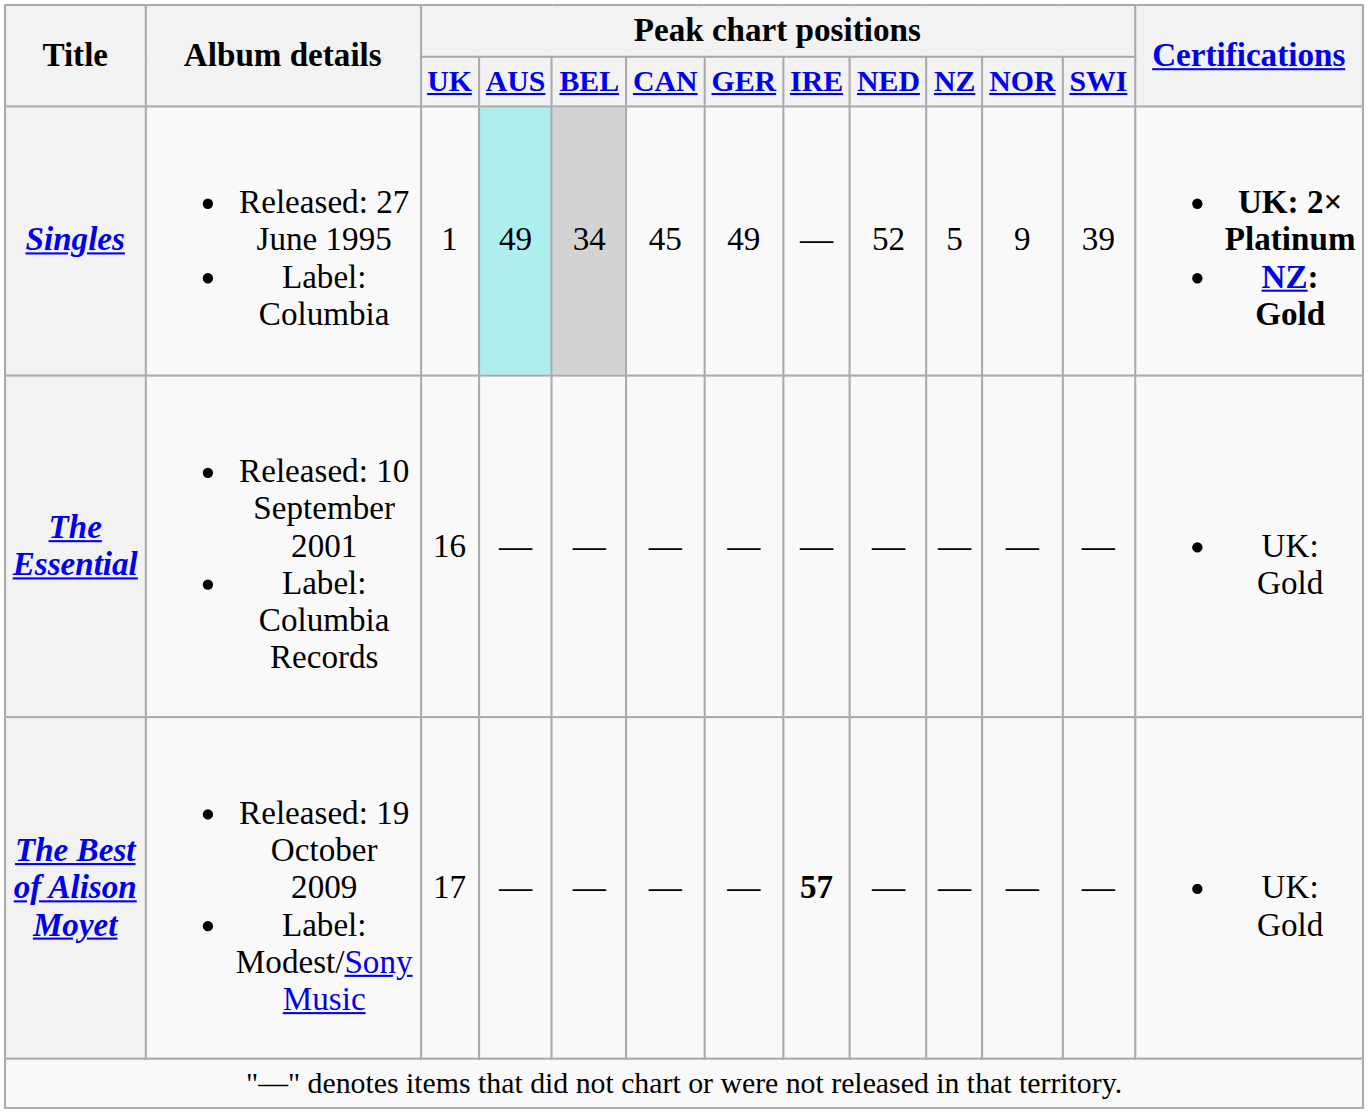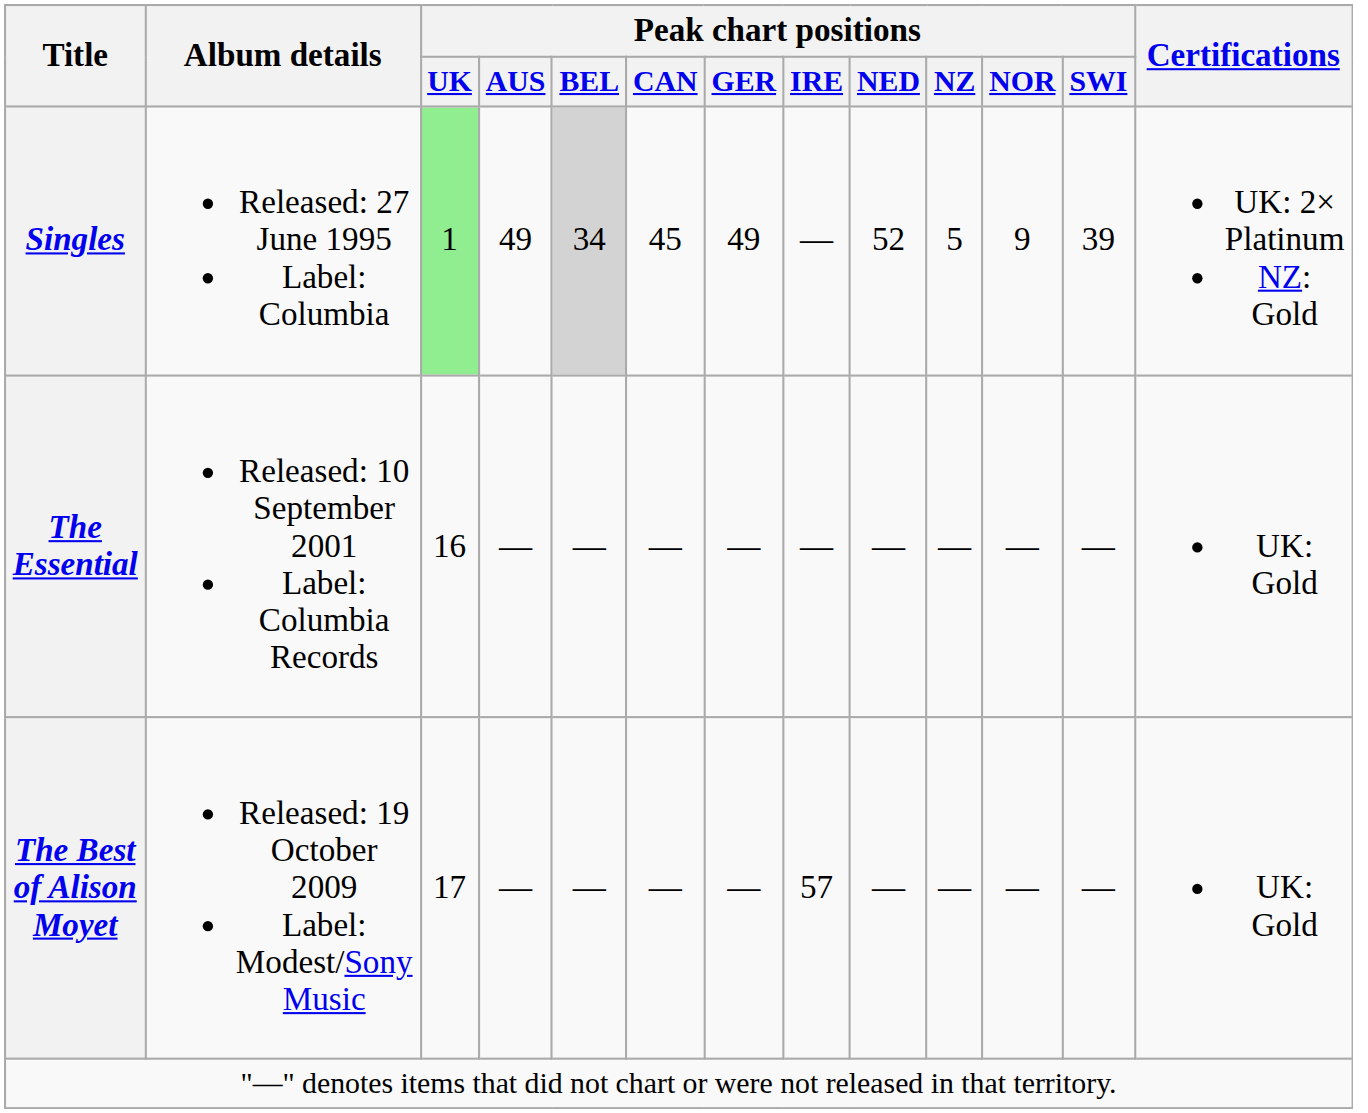 <table class="wikitable plainrowheaders" style="text-align:center;">
 <tr>
 <th scope="col" rowspan="2" style="width:15em;">Title</th>
 <th scope="col" rowspan="2" style="width:15em;">Album details</th>
 <th scope="col" colspan="10">Peak chart positions</th>
 <th rowspan="2" style="width:12em;"><a href='#'>Certifications</a></th>
 </tr>
 <tr>
 <th scope="col" style="width:3em;font-size:90%;"><a href='#'>UK</a><br></th>
 <th scope="col" style="width:3em;font-size:90%;"><a href='#'>AUS</a><br></th>
 <th scope="col" style="width:3em;font-size:90%;"><a href='#'>BEL</a><br></th>
 <th scope="col" style="width:3em;font-size:90%;"><a href='#'>CAN</a><br> </th>
 <th scope="col" style="width:3em;font-size:90%;"><a href='#'>GER</a><br></th>
 <th scope="col" style="width:3em;font-size:90%;"><a href='#'>IRE</a><br></th>
 <th scope="col" style="width:3em;font-size:90%;"><a href='#'>NED</a><br></th>
 <th scope="col" style="width:3em;font-size:90%;"><a href='#'>NZ</a><br></th>
 <th scope="col" style="width:3em;font-size:90%;"><a href='#'>NOR</a><br></th>
 <th scope="col" style="width:3em;font-size:90%;"><a href='#'>SWI</a><br></th>
 </tr>
 <tr>
 <th scope="row"><em><a href='#'>Singles</a></em></th>
 <td><br><ul><li>Released: 27 June 1995</li><li>Label: Columbia</li></ul></td>
-<td>1</td>
-<td style="background: paleturquoise;">49</td>
+<td style="background: lightgreen;">1</td>
+<td>49</td>
 <td style="background: lightgrey;">34</td>
 <td>45</td>
 <td>49</td>
 <td>—</td>
 <td>52</td>
 <td>5</td>
 <td>9</td>
 <td>39</td>
-<td><strong><br><ul><li>UK: 2× Platinum</li><li><a href='#'>NZ</a>: Gold</li></ul></strong></td>
+<td><br><ul><li>UK: 2× Platinum</li><li><a href='#'>NZ</a>: Gold</li></ul></td>
 </tr>
 <tr>
 <th scope="row"><em><a href='#'>The Essential</a></em></th>
 <td><br><ul><li>Released: 10 September 2001</li><li>Label: Columbia Records</li></ul></td>
 <td>16</td>
 <td>—</td>
 <td>—</td>
 <td>—</td>
 <td>—</td>
 <td>—</td>
 <td>—</td>
 <td>—</td>
 <td>—</td>
 <td>—</td>
 <td><br><ul><li>UK: Gold</li></ul></td>
 </tr>
 <tr>
 <th scope="row"><em><a href='#'>The Best of Alison Moyet</a></em></th>
 <td><br><ul><li>Released: 19 October 2009</li><li>Label: Modest/<a href='#'>Sony Music</a></li></ul></td>
 <td>17</td>
 <td>—</td>
 <td>—</td>
 <td>—</td>
 <td>—</td>
-<td><strong>57</strong></td>
+<td>57</td>
 <td>—</td>
 <td>—</td>
 <td>—</td>
 <td>—</td>
 <td><br><ul><li>UK: Gold</li></ul></td>
 </tr>
 <tr>
 <td align="center" colspan="15" style="font-size:90%">"—" denotes items that did not chart or were not released in that territory.</td>
 </tr>
 <tr>
 </tr>
 </table>
